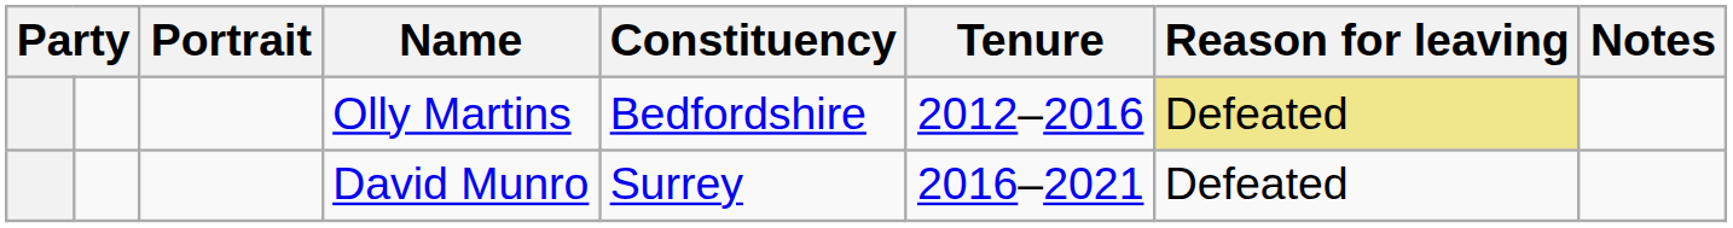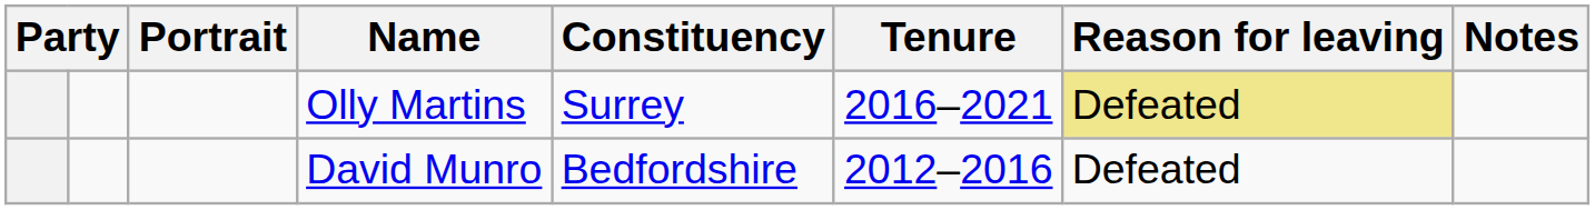 <table class="wikitable sortable">
 <tr>
 <th colspan=2>Party</th>
 <th class="unsortable">Portrait</th>
 <th class="unsortable">Name</th>
 <th class="unsortable">Constituency</th>
 <th>Tenure</th>
 <th>Reason for leaving</th>
 <th class="unsortable">Notes</th>
 </tr>
 <tr>
 <th style="background-color: "></th>
 <td></td>
 <td></td>
 <td><a href='#'>Olly Martins</a></td>
-<td><a href='#'>Bedfordshire</a></td>
-<td><a href='#'>2012</a>–<a href='#'>2016</a></td>
+<td><a href='#'>Surrey</a></td>
+<td><a href='#'>2016</a>–<a href='#'>2021</a></td>
 <td style="background: khaki;">Defeated</td>
 <td></td>
 </tr>
 <tr>
 <th style="background-color: "></th>
 <td></td>
 <td></td>
 <td><a href='#'>David Munro</a></td>
-<td><a href='#'>Surrey</a></td>
-<td><a href='#'>2016</a>–<a href='#'>2021</a></td>
+<td><a href='#'>Bedfordshire</a></td>
+<td><a href='#'>2012</a>–<a href='#'>2016</a></td>
 <td>Defeated</td>
 <td></td>
 </tr>
 </table>
